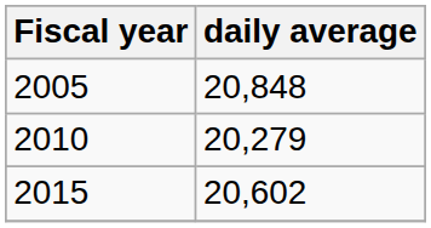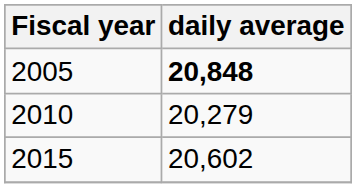 <table class="wikitable">
 <tr>
 <th>Fiscal year</th>
 <th>daily average</th>
 </tr>
 <tr>
 <td>2005</td>
-<td>20,848</td>
+<td><strong>20,848</strong></td>
 </tr>
 <tr>
 <td>2010</td>
 <td>20,279</td>
 </tr>
 <tr>
 <td>2015</td>
 <td>20,602</td>
 </tr>
 <tr>
 </tr>
 </table>
